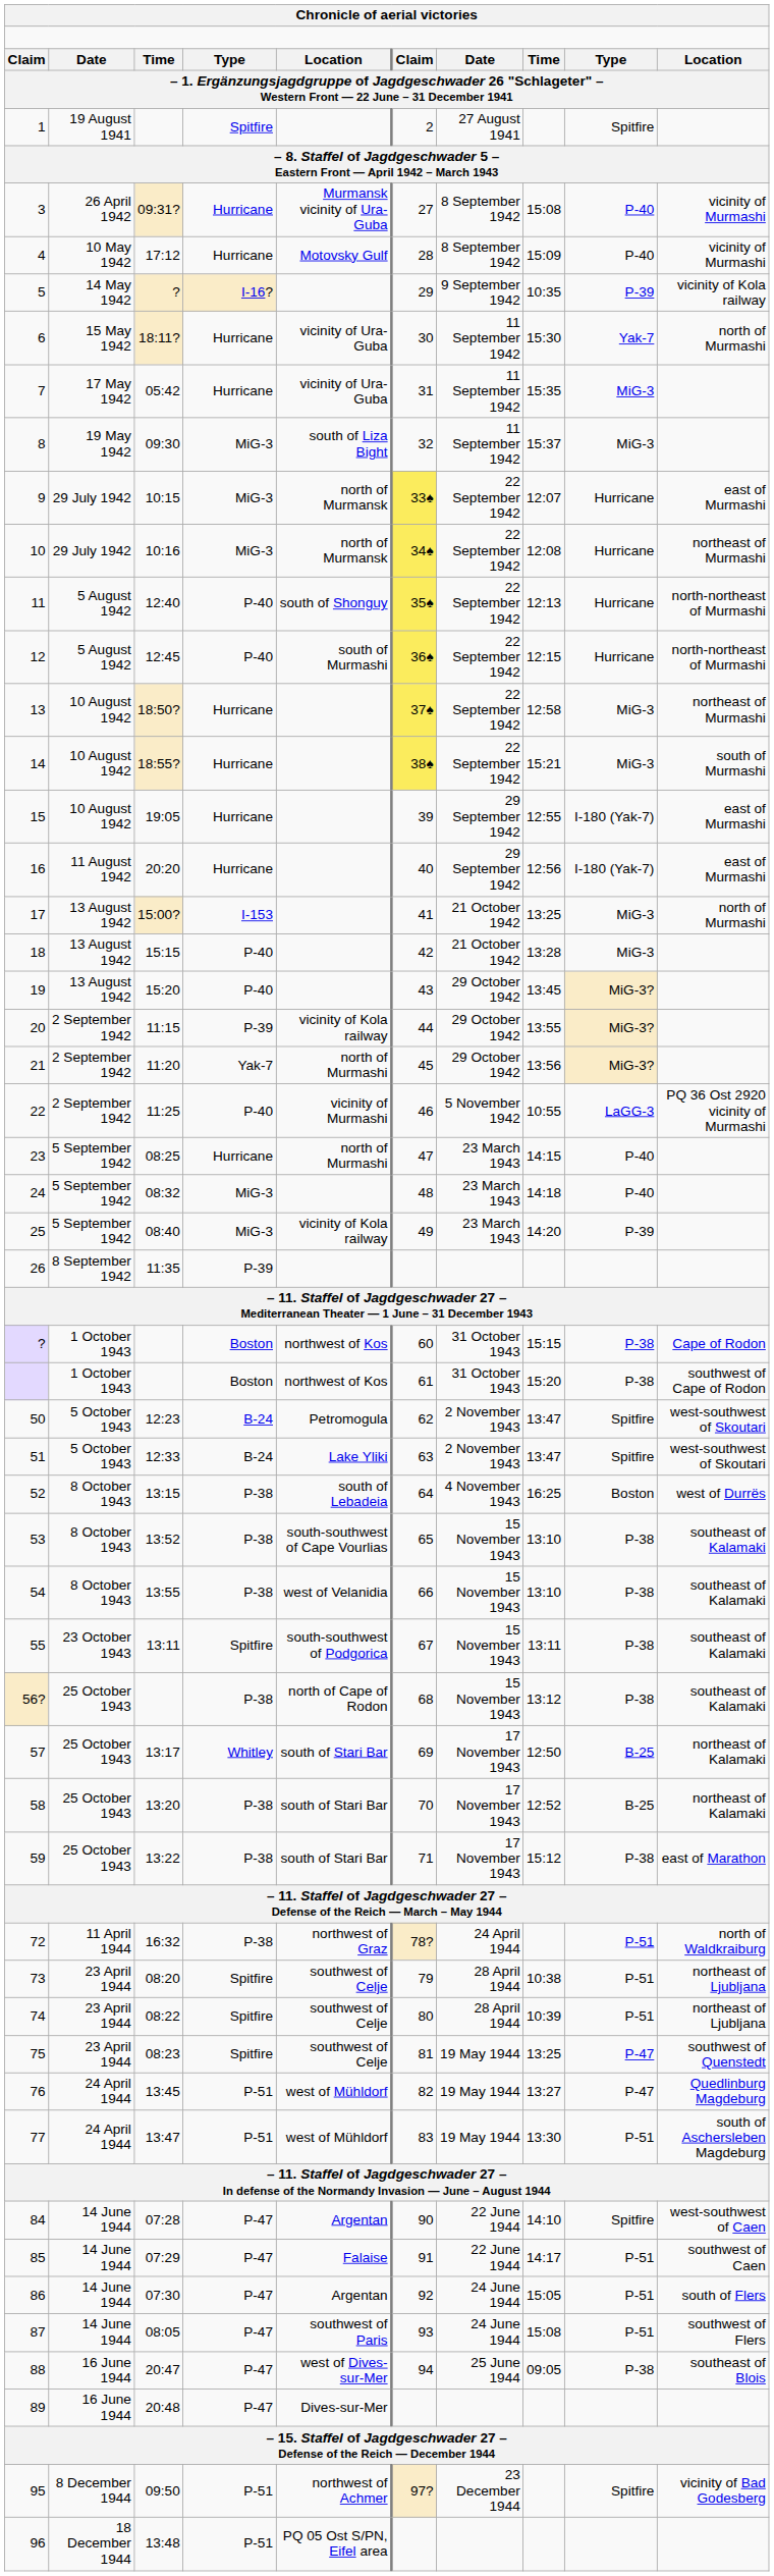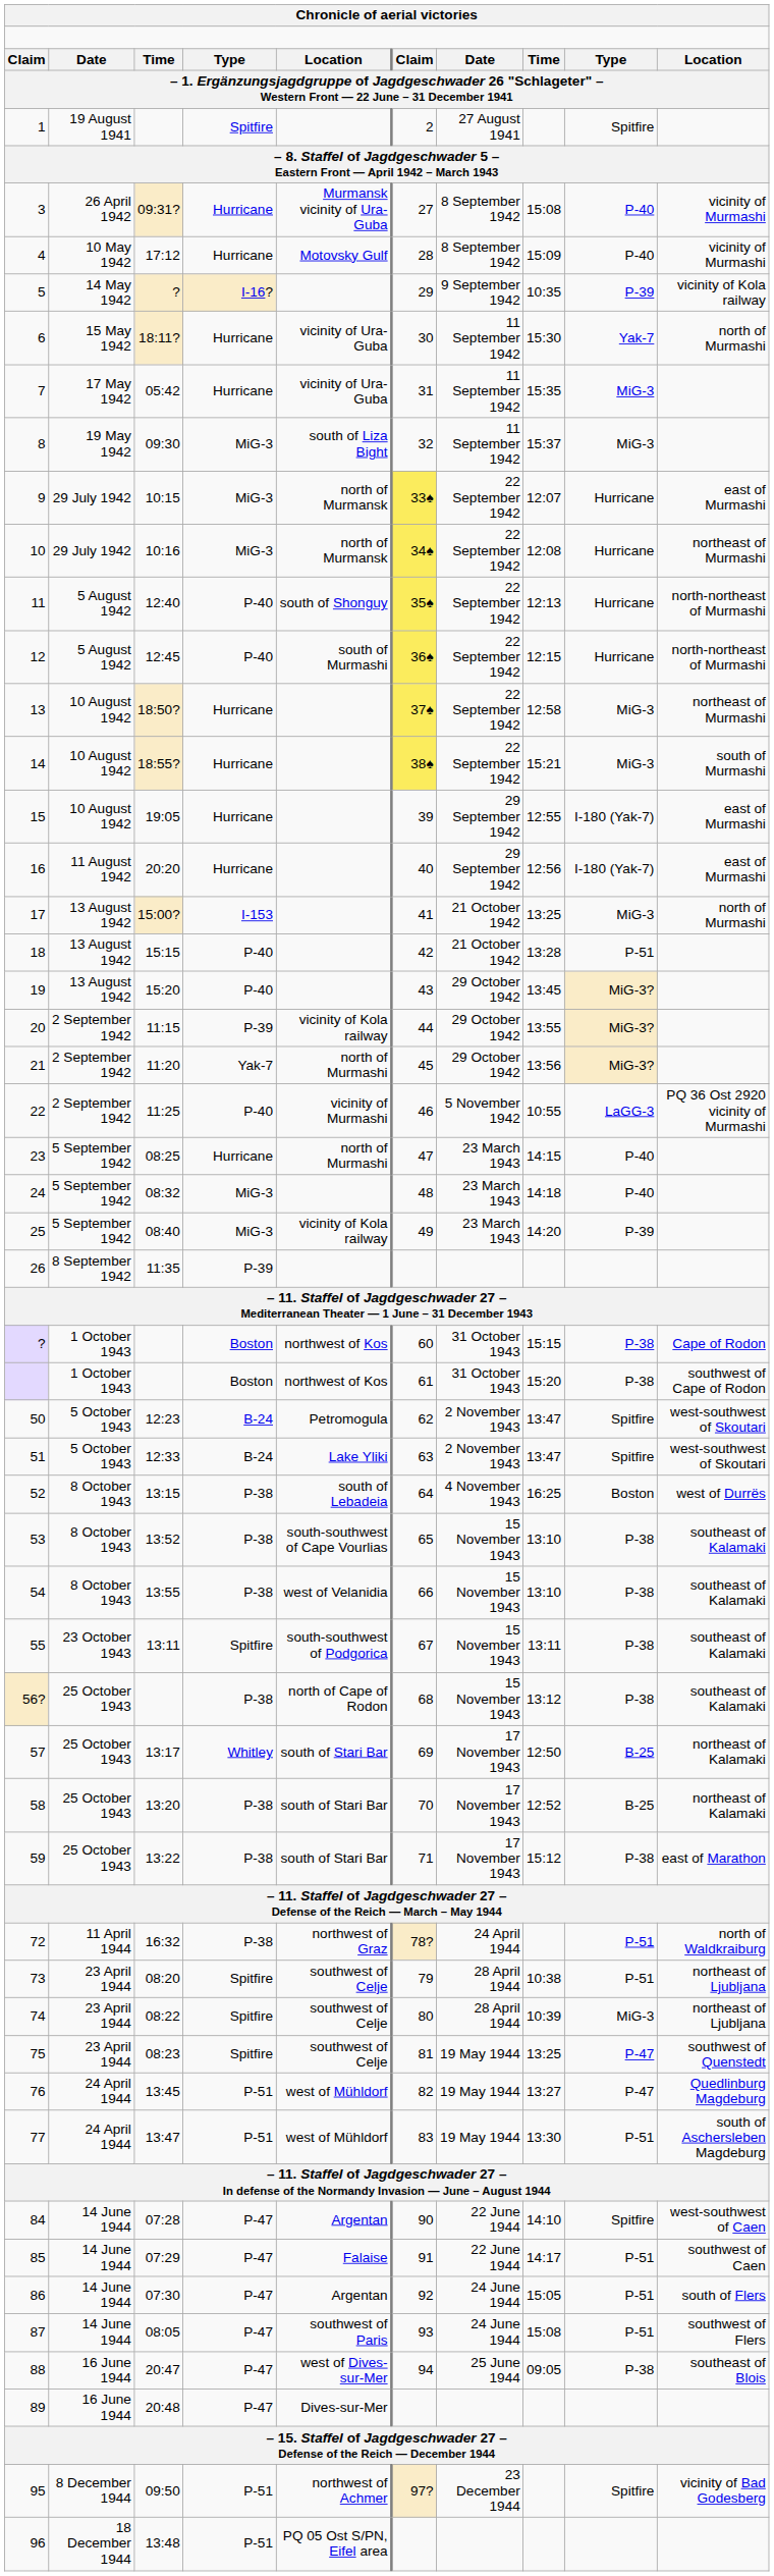 <table class="wikitable plainrowheaders collapsible" style="margin-left: auto; margin-right: auto; border: none; text-align:right; width: 100%;">
 <tr>
 <th colspan="10">Chronicle of aerial victories</th>
 </tr>
 <tr>
 <td colspan="10" style="text-align: left;"><br>  </td>
 </tr>
 <tr>
 <th scope="col">Claim</th>
 <th scope="col">Date</th>
 <th scope="col">Time</th>
 <th scope="col" width="100px">Type</th>
 <th scope="col">Location</th>
 <th scope="col" style="border-left: 3px solid grey;">Claim</th>
 <th scope="col">Date</th>
 <th scope="col">Time</th>
 <th scope="col" width="100px">Type</th>
 <th scope="col">Location</th>
 </tr>
 <tr>
 <th colspan="10">– 1. <em>Ergänzungsjagdgruppe</em> of <em>Jagdgeschwader</em> 26 "Schlageter" –<br><small>Western Front — 22 June – 31 December 1941</small></th>
 </tr>
 <tr>
 <td>1</td>
 <td>19 August 1941</td>
 <td></td>
 <td><a href='#'>Spitfire</a></td>
 <td></td>
 <td style="border-left: 3px solid grey;">2</td>
 <td>27 August 1941</td>
 <td></td>
 <td>Spitfire</td>
 <td></td>
 </tr>
 <tr>
 <th colspan="10">– 8. <em>Staffel</em> of <em>Jagdgeschwader</em> 5 –<br><small>Eastern Front — April 1942 – March 1943</small></th>
 </tr>
 <tr>
 <td>3</td>
 <td>26 April 1942</td>
 <td style="background:#faecc8">09:31?</td>
 <td><a href='#'>Hurricane</a></td>
 <td><a href='#'>Murmansk</a><br>vicinity of <a href='#'>Ura-Guba</a></td>
 <td style="border-left: 3px solid grey;">27</td>
 <td>8 September 1942</td>
 <td>15:08</td>
 <td><a href='#'>P-40</a></td>
 <td>vicinity of <a href='#'>Murmashi</a></td>
 </tr>
 <tr>
 <td>4</td>
 <td>10 May 1942</td>
 <td>17:12</td>
 <td>Hurricane</td>
 <td><a href='#'>Motovsky Gulf</a></td>
 <td style="border-left: 3px solid grey;">28</td>
 <td>8 September 1942</td>
 <td>15:09</td>
 <td>P-40</td>
 <td>vicinity of Murmashi</td>
 </tr>
 <tr>
 <td>5</td>
 <td>14 May 1942</td>
 <td style="background:#faecc8">?</td>
 <td style="background:#faecc8"><a href='#'>I-16</a>?</td>
 <td></td>
 <td style="border-left: 3px solid grey;">29</td>
 <td>9 September 1942</td>
 <td>10:35</td>
 <td><a href='#'>P-39</a></td>
 <td>vicinity of Kola railway</td>
 </tr>
 <tr>
 <td>6</td>
 <td>15 May 1942</td>
 <td style="background:#faecc8">18:11?</td>
 <td>Hurricane</td>
 <td>vicinity of Ura-Guba</td>
 <td style="border-left: 3px solid grey;">30</td>
 <td>11 September 1942</td>
 <td>15:30</td>
 <td><a href='#'>Yak-7</a></td>
 <td>north of Murmashi</td>
 </tr>
 <tr>
 <td>7</td>
 <td>17 May 1942</td>
 <td>05:42</td>
 <td>Hurricane</td>
 <td>vicinity of Ura-Guba</td>
 <td style="border-left: 3px solid grey;">31</td>
 <td>11 September 1942</td>
 <td>15:35</td>
 <td><a href='#'>MiG-3</a></td>
 <td></td>
 </tr>
 <tr>
 <td>8</td>
 <td>19 May 1942</td>
 <td>09:30</td>
 <td>MiG-3</td>
 <td>south of <a href='#'>Liza Bight</a></td>
 <td style="border-left: 3px solid grey;">32</td>
 <td>11 September 1942</td>
 <td>15:37</td>
 <td>MiG-3</td>
 <td></td>
 </tr>
 <tr>
 <td>9</td>
 <td>29 July 1942</td>
 <td>10:15</td>
 <td>MiG-3</td>
 <td>north of Murmansk</td>
 <td style="border-left: 3px solid grey; background:#fbec5d;">33♠</td>
 <td>22 September 1942</td>
 <td>12:07</td>
 <td>Hurricane</td>
 <td>east of Murmashi</td>
 </tr>
 <tr>
 <td>10</td>
 <td>29 July 1942</td>
 <td>10:16</td>
 <td>MiG-3</td>
 <td>north of Murmansk</td>
 <td style="border-left: 3px solid grey; background:#fbec5d;">34♠</td>
 <td>22 September 1942</td>
 <td>12:08</td>
 <td>Hurricane</td>
 <td>northeast of Murmashi</td>
 </tr>
 <tr>
 <td>11</td>
 <td>5 August 1942</td>
 <td>12:40</td>
 <td>P-40</td>
 <td>south of <a href='#'>Shonguy</a></td>
 <td style="border-left: 3px solid grey; background:#fbec5d;">35♠</td>
 <td>22 September 1942</td>
 <td>12:13</td>
 <td>Hurricane</td>
 <td>north-northeast of Murmashi</td>
 </tr>
 <tr>
 <td>12</td>
 <td>5 August 1942</td>
 <td>12:45</td>
 <td>P-40</td>
 <td>south of Murmashi</td>
 <td style="border-left: 3px solid grey; background:#fbec5d;">36♠</td>
 <td>22 September 1942</td>
 <td>12:15</td>
 <td>Hurricane</td>
 <td>north-northeast of Murmashi</td>
 </tr>
 <tr>
 <td>13</td>
 <td>10 August 1942</td>
 <td style="background:#faecc8">18:50?</td>
 <td>Hurricane</td>
 <td></td>
 <td style="border-left: 3px solid grey; background:#fbec5d;">37♠</td>
 <td>22 September 1942</td>
 <td>12:58</td>
 <td>MiG-3</td>
 <td> northeast of Murmashi</td>
 </tr>
 <tr>
 <td>14</td>
 <td>10 August 1942</td>
 <td style="background:#faecc8">18:55?</td>
 <td>Hurricane</td>
 <td></td>
 <td style="border-left: 3px solid grey; background:#fbec5d;">38♠</td>
 <td>22 September 1942</td>
 <td>15:21</td>
 <td>MiG-3</td>
 <td> south of Murmashi</td>
 </tr>
 <tr>
 <td>15</td>
 <td>10 August 1942</td>
 <td>19:05</td>
 <td>Hurricane</td>
 <td></td>
 <td style="border-left: 3px solid grey;">39</td>
 <td>29 September 1942</td>
 <td>12:55</td>
 <td>I-180 (Yak-7)</td>
 <td> east of Murmashi</td>
 </tr>
 <tr>
 <td>16</td>
 <td>11 August 1942</td>
 <td>20:20</td>
 <td>Hurricane</td>
 <td></td>
 <td style="border-left: 3px solid grey;">40</td>
 <td>29 September 1942</td>
 <td>12:56</td>
 <td>I-180 (Yak-7)</td>
 <td> east of Murmashi</td>
 </tr>
 <tr>
 <td>17</td>
 <td>13 August 1942</td>
 <td style="background:#faecc8">15:00?</td>
 <td><a href='#'>I-153</a></td>
 <td></td>
 <td style="border-left: 3px solid grey;">41</td>
 <td>21 October 1942</td>
 <td>13:25</td>
 <td>MiG-3</td>
 <td>north of Murmashi</td>
 </tr>
 <tr>
 <td>18</td>
 <td>13 August 1942</td>
 <td>15:15</td>
 <td>P-40</td>
 <td></td>
 <td style="border-left: 3px solid grey;">42</td>
 <td>21 October 1942</td>
 <td>13:28</td>
-<td>MiG-3</td>
+<td>P-51</td>
 <td></td>
 </tr>
 <tr>
 <td>19</td>
 <td>13 August 1942</td>
 <td>15:20</td>
 <td>P-40</td>
 <td></td>
 <td style="border-left: 3px solid grey;">43</td>
 <td>29 October 1942</td>
 <td>13:45</td>
 <td style="background:#faecc8">MiG-3?</td>
 <td></td>
 </tr>
 <tr>
 <td>20</td>
 <td>2 September 1942</td>
 <td>11:15</td>
 <td>P-39</td>
 <td>vicinity of Kola railway</td>
 <td style="border-left: 3px solid grey;">44</td>
 <td>29 October 1942</td>
 <td>13:55</td>
 <td style="background:#faecc8">MiG-3?</td>
 <td></td>
 </tr>
 <tr>
 <td>21</td>
 <td>2 September 1942</td>
 <td>11:20</td>
 <td>Yak-7</td>
 <td>north of Murmashi</td>
 <td style="border-left: 3px solid grey;">45</td>
 <td>29 October 1942</td>
 <td>13:56</td>
 <td style="background:#faecc8">MiG-3?</td>
 <td></td>
 </tr>
 <tr>
 <td>22</td>
 <td>2 September 1942</td>
 <td>11:25</td>
 <td>P-40</td>
 <td>vicinity of Murmashi</td>
 <td style="border-left: 3px solid grey;">46</td>
 <td>5 November 1942</td>
 <td>10:55</td>
 <td><a href='#'>LaGG-3</a></td>
 <td>PQ 36 Ost 2920<br>vicinity of Murmashi</td>
 </tr>
 <tr>
 <td>23</td>
 <td>5 September 1942</td>
 <td>08:25</td>
 <td>Hurricane</td>
 <td>north of Murmashi</td>
 <td style="border-left: 3px solid grey;">47</td>
 <td>23 March 1943</td>
 <td>14:15</td>
 <td>P-40</td>
 <td></td>
 </tr>
 <tr>
 <td>24</td>
 <td>5 September 1942</td>
 <td>08:32</td>
 <td>MiG-3</td>
 <td></td>
 <td style="border-left: 3px solid grey;">48</td>
 <td>23 March 1943</td>
 <td>14:18</td>
 <td>P-40</td>
 <td></td>
 </tr>
 <tr>
 <td>25</td>
 <td>5 September 1942</td>
 <td>08:40</td>
 <td>MiG-3</td>
 <td>vicinity of Kola railway</td>
 <td style="border-left: 3px solid grey;">49</td>
 <td>23 March 1943</td>
 <td>14:20</td>
 <td>P-39</td>
 <td></td>
 </tr>
 <tr>
 <td>26</td>
 <td>8 September 1942</td>
 <td>11:35</td>
 <td>P-39</td>
 <td></td>
 <td style="border-left: 3px solid grey;"></td>
 <td></td>
 <td></td>
 <td></td>
 <td></td>
 </tr>
 <tr>
 <th colspan="10">– 11. <em>Staffel</em> of <em>Jagdgeschwader</em> 27 –<br><small>Mediterranean Theater — 1 June – 31 December 1943</small></th>
 </tr>
 <tr>
 <td style="background:#e3d9ff;">?</td>
 <td>1 October 1943</td>
 <td></td>
 <td><a href='#'>Boston</a></td>
 <td>northwest of <a href='#'>Kos</a></td>
 <td style="border-left: 3px solid grey;">60</td>
 <td>31 October 1943</td>
 <td>15:15</td>
 <td><a href='#'>P-38</a></td>
 <td><a href='#'>Cape of Rodon</a></td>
 </tr>
 <tr>
 <td style="background:#e3d9ff;"></td>
 <td>1 October 1943</td>
 <td></td>
 <td>Boston</td>
 <td>northwest of Kos</td>
 <td style="border-left: 3px solid grey;">61</td>
 <td>31 October 1943</td>
 <td>15:20</td>
 <td>P-38</td>
 <td>southwest of Cape of Rodon</td>
 </tr>
 <tr>
 <td>50</td>
 <td>5 October 1943</td>
 <td>12:23</td>
 <td><a href='#'>B-24</a></td>
 <td>Petromogula</td>
 <td style="border-left: 3px solid grey;">62</td>
 <td>2 November 1943</td>
 <td>13:47</td>
 <td>Spitfire</td>
 <td>west-southwest of <a href='#'>Skoutari</a></td>
 </tr>
 <tr>
 <td>51</td>
 <td>5 October 1943</td>
 <td>12:33</td>
 <td>B-24</td>
 <td><a href='#'>Lake Yliki</a></td>
 <td style="border-left: 3px solid grey;">63</td>
 <td>2 November 1943</td>
 <td>13:47</td>
 <td>Spitfire</td>
 <td>west-southwest of Skoutari</td>
 </tr>
 <tr>
 <td>52</td>
 <td>8 October 1943</td>
 <td>13:15</td>
 <td>P-38</td>
 <td> south of <a href='#'>Lebadeia</a></td>
 <td style="border-left: 3px solid grey;">64</td>
 <td>4 November 1943</td>
 <td>16:25</td>
 <td>Boston</td>
 <td>west of <a href='#'>Durrës</a></td>
 </tr>
 <tr>
 <td>53</td>
 <td>8 October 1943</td>
 <td>13:52</td>
 <td>P-38</td>
 <td> south-southwest of Cape Vourlias</td>
 <td style="border-left: 3px solid grey;">65</td>
 <td>15 November 1943</td>
 <td>13:10</td>
 <td>P-38</td>
 <td>southeast of <a href='#'>Kalamaki</a></td>
 </tr>
 <tr>
 <td>54</td>
 <td>8 October 1943</td>
 <td>13:55</td>
 <td>P-38</td>
 <td> west of Velanidia</td>
 <td style="border-left: 3px solid grey;">66</td>
 <td>15 November 1943</td>
 <td>13:10</td>
 <td>P-38</td>
 <td>southeast of Kalamaki</td>
 </tr>
 <tr>
 <td>55</td>
 <td>23 October 1943</td>
 <td>13:11</td>
 <td>Spitfire</td>
 <td>south-southwest of <a href='#'>Podgorica</a></td>
 <td style="border-left: 3px solid grey;">67</td>
 <td>15 November 1943</td>
 <td>13:11</td>
 <td>P-38</td>
 <td>southeast of Kalamaki</td>
 </tr>
 <tr>
 <td style="background:#faecc8">56?</td>
 <td>25 October 1943</td>
 <td></td>
 <td>P-38</td>
 <td>north of Cape of Rodon</td>
 <td style="border-left: 3px solid grey;">68</td>
 <td>15 November 1943</td>
 <td>13:12</td>
 <td>P-38</td>
 <td>southeast of Kalamaki</td>
 </tr>
 <tr>
 <td>57</td>
 <td>25 October 1943</td>
 <td>13:17</td>
 <td><a href='#'>Whitley</a></td>
 <td>south of <a href='#'>Stari Bar</a></td>
 <td style="border-left: 3px solid grey;">69</td>
 <td>17 November 1943</td>
 <td>12:50</td>
 <td><a href='#'>B-25</a></td>
 <td>northeast of Kalamaki</td>
 </tr>
 <tr>
 <td>58</td>
 <td>25 October 1943</td>
 <td>13:20</td>
 <td>P-38</td>
 <td>south of Stari Bar</td>
 <td style="border-left: 3px solid grey;">70</td>
 <td>17 November 1943</td>
 <td>12:52</td>
 <td>B-25</td>
 <td>northeast of Kalamaki</td>
 </tr>
 <tr>
 <td>59</td>
 <td>25 October 1943</td>
 <td>13:22</td>
 <td>P-38</td>
 <td>south of Stari Bar</td>
 <td style="border-left: 3px solid grey;">71</td>
 <td>17 November 1943</td>
 <td>15:12</td>
 <td>P-38</td>
 <td>east of <a href='#'>Marathon</a></td>
 </tr>
 <tr>
 <th colspan="10">– 11. <em>Staffel</em> of <em>Jagdgeschwader</em> 27 –<br><small>Defense of the Reich — March – May 1944</small></th>
 </tr>
 <tr>
 <td>72</td>
 <td>11 April 1944</td>
 <td>16:32</td>
 <td>P-38</td>
 <td> northwest of <a href='#'>Graz</a></td>
 <td style="border-left: 3px solid grey; background:#faecc8">78?</td>
 <td>24 April 1944</td>
 <td></td>
 <td><a href='#'>P-51</a></td>
 <td>north of <a href='#'>Waldkraiburg</a></td>
 </tr>
 <tr>
 <td>73</td>
 <td>23 April 1944</td>
 <td>08:20</td>
 <td>Spitfire</td>
 <td> southwest of <a href='#'>Celje</a></td>
 <td style="border-left: 3px solid grey;">79</td>
 <td>28 April 1944</td>
 <td>10:38</td>
 <td>P-51</td>
 <td> northeast of <a href='#'>Ljubljana</a></td>
 </tr>
 <tr>
 <td>74</td>
 <td>23 April 1944</td>
 <td>08:22</td>
 <td>Spitfire</td>
 <td> southwest of Celje</td>
 <td style="border-left: 3px solid grey;">80</td>
 <td>28 April 1944</td>
 <td>10:39</td>
-<td>P-51</td>
+<td>MiG-3</td>
 <td> northeast of Ljubljana</td>
 </tr>
 <tr>
 <td>75</td>
 <td>23 April 1944</td>
 <td>08:23</td>
 <td>Spitfire</td>
 <td> southwest of Celje</td>
 <td style="border-left: 3px solid grey;">81</td>
 <td>19 May 1944</td>
 <td>13:25</td>
 <td><a href='#'>P-47</a></td>
 <td> southwest of <a href='#'>Quenstedt</a></td>
 </tr>
 <tr>
 <td>76</td>
 <td>24 April 1944</td>
 <td>13:45</td>
 <td>P-51</td>
 <td> west of <a href='#'>Mühldorf</a></td>
 <td style="border-left: 3px solid grey;">82</td>
 <td>19 May 1944</td>
 <td>13:27</td>
 <td>P-47</td>
 <td><a href='#'>Quedlinburg</a><br><a href='#'>Magdeburg</a></td>
 </tr>
 <tr>
 <td>77</td>
 <td>24 April 1944</td>
 <td>13:47</td>
 <td>P-51</td>
 <td> west of Mühldorf</td>
 <td style="border-left: 3px solid grey;">83</td>
 <td>19 May 1944</td>
 <td>13:30</td>
 <td>P-51</td>
 <td>south of <a href='#'>Aschersleben</a><br>Magdeburg</td>
 </tr>
 <tr>
 <th colspan="10">– 11. <em>Staffel</em> of <em>Jagdgeschwader</em> 27 –<br><small>In defense of the Normandy Invasion — June – August 1944</small></th>
 </tr>
 <tr>
 <td>84</td>
 <td>14 June 1944</td>
 <td>07:28</td>
 <td>P-47</td>
 <td><a href='#'>Argentan</a></td>
 <td style="border-left: 3px solid grey;">90</td>
 <td>22 June 1944</td>
 <td>14:10</td>
 <td>Spitfire</td>
 <td>west-southwest of <a href='#'>Caen</a></td>
 </tr>
 <tr>
 <td>85</td>
 <td>14 June 1944</td>
 <td>07:29</td>
 <td>P-47</td>
 <td><a href='#'>Falaise</a></td>
 <td style="border-left: 3px solid grey;">91</td>
 <td>22 June 1944</td>
 <td>14:17</td>
 <td>P-51</td>
 <td> southwest of Caen</td>
 </tr>
 <tr>
 <td>86</td>
 <td>14 June 1944</td>
 <td>07:30</td>
 <td>P-47</td>
 <td>Argentan</td>
 <td style="border-left: 3px solid grey;">92</td>
 <td>24 June 1944</td>
 <td>15:05</td>
 <td>P-51</td>
 <td>south of <a href='#'>Flers</a></td>
 </tr>
 <tr>
 <td>87</td>
 <td>14 June 1944</td>
 <td>08:05</td>
 <td>P-47</td>
 <td> southwest of <a href='#'>Paris</a></td>
 <td style="border-left: 3px solid grey;">93</td>
 <td>24 June 1944</td>
 <td>15:08</td>
 <td>P-51</td>
 <td> southwest of Flers</td>
 </tr>
 <tr>
 <td>88</td>
 <td>16 June 1944</td>
 <td>20:47</td>
 <td>P-47</td>
 <td>west of <a href='#'>Dives-sur-Mer</a></td>
 <td style="border-left: 3px solid grey;">94</td>
 <td>25 June 1944</td>
 <td>09:05</td>
 <td>P-38</td>
 <td> southeast of <a href='#'>Blois</a></td>
 </tr>
 <tr>
 <td>89</td>
 <td>16 June 1944</td>
 <td>20:48</td>
 <td>P-47</td>
 <td>Dives-sur-Mer</td>
 <td style="border-left: 3px solid grey;"></td>
 <td></td>
 <td></td>
 <td></td>
 <td></td>
 </tr>
 <tr>
 <th colspan="10">– 15. <em>Staffel</em> of <em>Jagdgeschwader</em> 27 –<br><small>Defense of the Reich — December 1944</small></th>
 </tr>
 <tr>
 <td>95</td>
 <td>8 December 1944</td>
 <td>09:50</td>
 <td>P-51</td>
 <td>northwest of <a href='#'>Achmer</a></td>
 <td style="border-left: 3px solid grey; background:#faecc8">97?</td>
 <td>23 December 1944</td>
 <td></td>
 <td>Spitfire</td>
 <td>vicinity of <a href='#'>Bad Godesberg</a></td>
 </tr>
 <tr>
 <td>96</td>
 <td>18 December 1944</td>
 <td>13:48</td>
 <td>P-51</td>
 <td>PQ 05 Ost S/PN, <a href='#'>Eifel</a> area</td>
 <td style="border-left: 3px solid grey;"></td>
 <td></td>
 <td></td>
 <td></td>
 <td></td>
 </tr>
 </table>
